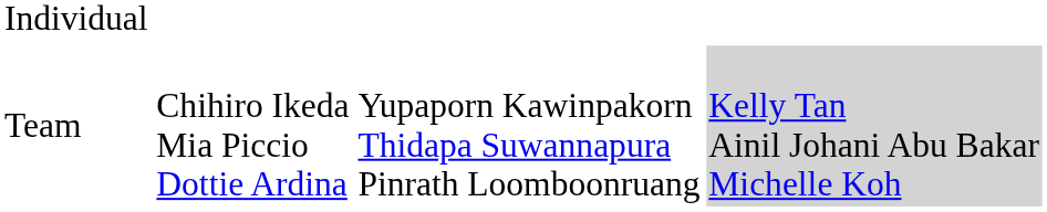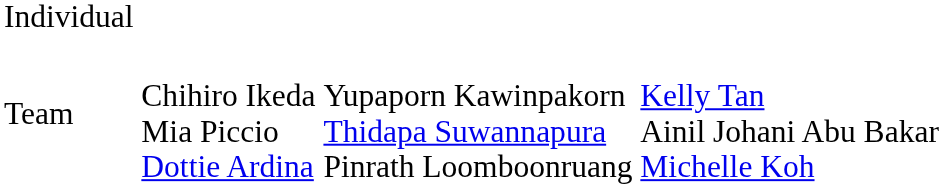 <table>
 <tr>
 <td>Individual</td>
 <td></td>
 <td></td>
 <td></td>
 </tr>
 <tr>
 <td>Team</td>
 <td><br>Chihiro Ikeda<br>Mia Piccio<br><a href='#'>Dottie Ardina</a></td>
 <td><br>Yupaporn Kawinpakorn<br><a href='#'>Thidapa Suwannapura</a><br>Pinrath Loomboonruang</td>
-<td style="background: lightgrey;"><br><a href='#'>Kelly Tan</a><br> Ainil Johani Abu Bakar<br><a href='#'>Michelle Koh</a></td>
+<td><br><a href='#'>Kelly Tan</a><br> Ainil Johani Abu Bakar<br><a href='#'>Michelle Koh</a></td>
 </tr>
 </table>
